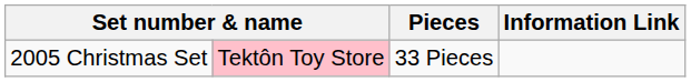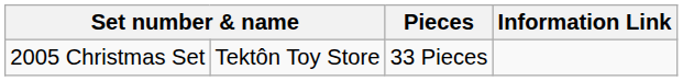 <table class="wikitable">
 <tr>
 <th colspan="2">Set number & name</th>
 <th>Pieces</th>
 <th>Information Link</th>
 </tr>
 <tr>
 <td>2005 Christmas Set</td>
-<td style="background: pink;">Tektôn Toy Store</td>
+<td>Tektôn Toy Store</td>
 <td>33 Pieces</td>
 <td></td>
 </tr>
 </table>
